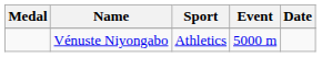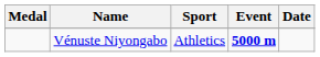 <table class="wikitable sortable" style="font-size: 95%;">
 <tr>
 <th>Medal</th>
 <th>Name</th>
 <th>Sport</th>
 <th>Event</th>
 <th>Date</th>
 </tr>
 <tr>
 </tr>
 <tr>
 <td></td>
 <td><a href='#'>Vénuste Niyongabo</a></td>
 <td><a href='#'>Athletics</a></td>
-<td><a href='#'>5000 m</a></td>
+<td><strong><a href='#'>5000 m</a></strong></td>
 <td></td>
 </tr>
 </table>
